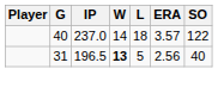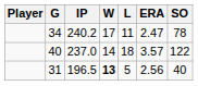 <table class="wikitable sortable" style="text-align:center;">
 <tr>
 <th>Player</th>
 <th>G</th>
 <th>IP</th>
 <th>W</th>
 <th>L</th>
 <th>ERA</th>
 <th>SO</th>
+</tr>
+<tr>
+<td></td>
+<td>34</td>
+<td>240.2</td>
+<td>17</td>
+<td>11</td>
+<td>2.47</td>
+<td>78</td>
 </tr>
 <tr>
 <td></td>
 <td>40</td>
 <td>237.0</td>
 <td>14</td>
 <td>18</td>
 <td>3.57</td>
 <td>122</td>
 </tr>
 <tr>
 <td></td>
 <td>31</td>
 <td>196.5</td>
 <td><strong>13</strong></td>
 <td>5</td>
 <td>2.56</td>
 <td>40</td>
 </tr>
 </table>
